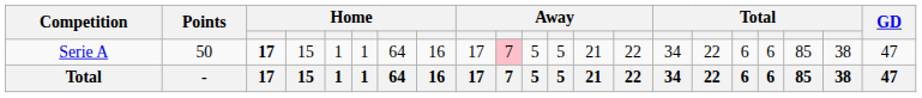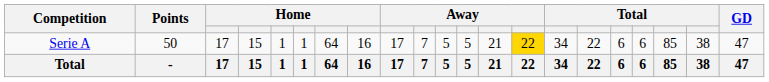 <table class="wikitable" style="width:100%;margin:auto;clear:both;text-align:center;">
 <tr>
 <th rowspan="2">Competition</th>
 <th rowspan="2">Points</th>
 <th colspan="6">Home</th>
 <th colspan="6">Away</th>
 <th colspan="6">Total</th>
 <th rowspan="2"><a href='#'>GD</a></th>
 </tr>
 <tr>
 <th></th>
 <th></th>
 <th></th>
 <th></th>
 <th></th>
 <th></th>
 <th></th>
 <th></th>
 <th></th>
 <th></th>
 <th></th>
 <th></th>
 <th></th>
 <th></th>
 <th></th>
 <th></th>
 <th></th>
 <th></th>
 </tr>
 <tr>
 <td><a href='#'>Serie A</a></td>
 <td>50</td>
-<td><strong>17</strong></td>
+<td>17</td>
 <td>15</td>
 <td>1</td>
 <td>1</td>
 <td>64</td>
 <td>16</td>
 <td>17</td>
-<td style="background: pink;">7</td>
+<td>7</td>
 <td>5</td>
 <td>5</td>
 <td>21</td>
-<td>22</td>
+<td style="background: gold;">22</td>
 <td>34</td>
 <td>22</td>
 <td>6</td>
 <td>6</td>
 <td>85</td>
 <td>38</td>
 <td>47</td>
 </tr>
 <tr>
 <th>Total</th>
 <th>-</th>
 <th>17</th>
 <th>15</th>
 <th>1</th>
 <th>1</th>
 <th>64</th>
 <th>16</th>
 <th>17</th>
 <th>7</th>
 <th>5</th>
 <th>5</th>
 <th>21</th>
 <th>22</th>
 <th>34</th>
 <th>22</th>
 <th>6</th>
 <th>6</th>
 <th>85</th>
 <th>38</th>
 <th>47</th>
 </tr>
 </table>
